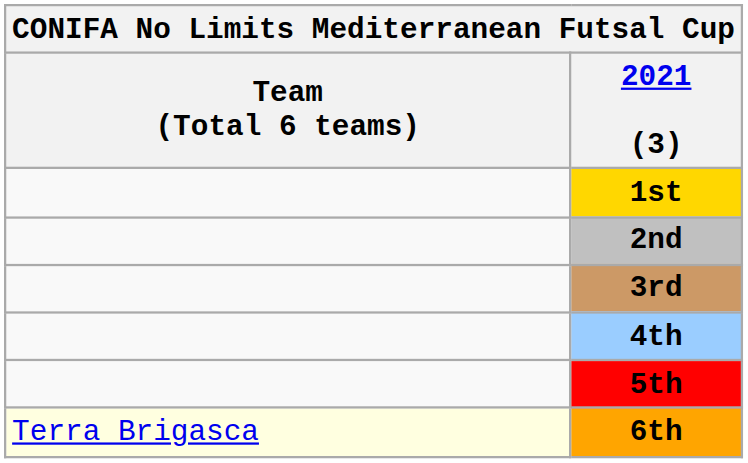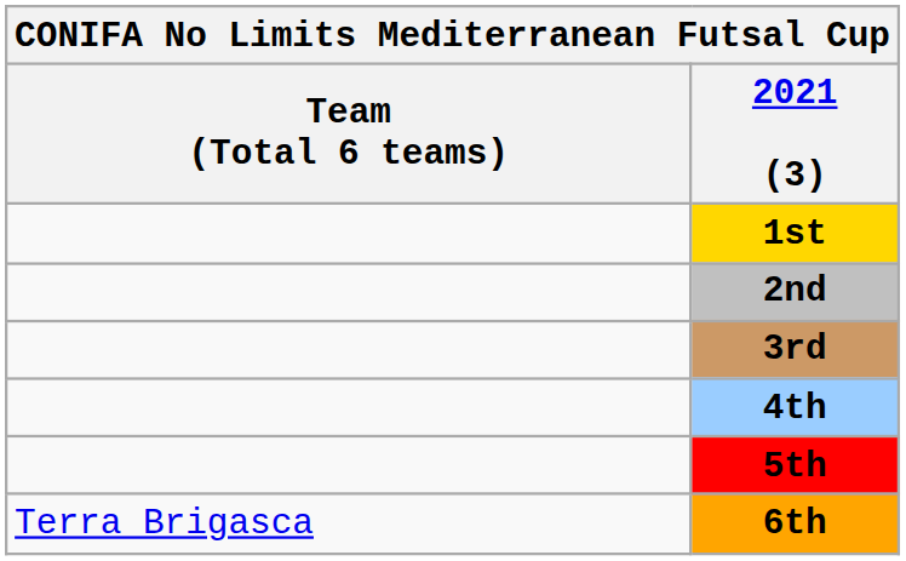 <table class="wikitable" style="text-align: center">
 <tr>
 <th colspan=2>CONIFA No Limits Mediterranean Futsal Cup</th>
 </tr>
 <tr>
 <th>Team<br>(Total 6 teams)</th>
 <th><a href='#'>2021</a> <br> <br>(3)</th>
 </tr>
 <tr>
 <td style="text-align:left"></td>
 <td style="background:gold;"><strong>1st</strong></td>
 </tr>
 <tr>
 <td style="text-align:left"></td>
 <td style="background:Silver;"><strong>2nd</strong></td>
 </tr>
 <tr>
 <td style="text-align:left"></td>
 <td style="background:#c96;"><strong>3rd</strong></td>
 </tr>
 <tr>
 <td style="text-align:left"></td>
 <td style="background:#9acdff;"><strong>4th</strong></td>
 </tr>
 <tr>
 <td style="text-align:left"></td>
 <td style="background:red;"><strong>5th</strong></td>
 </tr>
 <tr>
-<td style="background: lightyellow; text-align:left"> <a href='#'>Terra Brigasca</a></td>
+<td style="text-align:left"> <a href='#'>Terra Brigasca</a></td>
 <td style="background:orange"><strong>6th</strong></td>
 </tr>
 </table>
